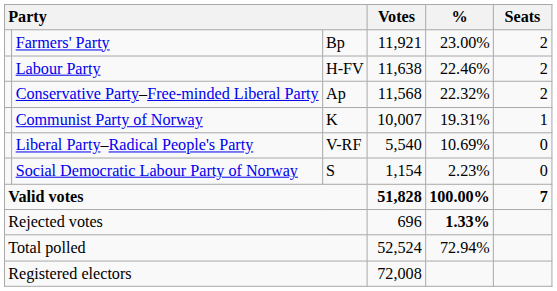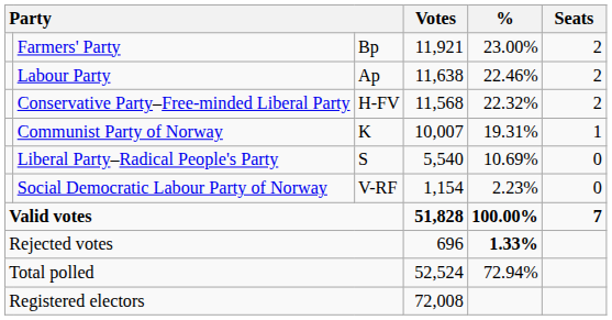 <table class="wikitable" border="1" style="text-align:right;">
 <tr>
 <th style="text-align:left;" colspan=3>Party</th>
 <th align=center width="50">Votes</th>
 <th align=center width="50">%</th>
 <th align=center width="50">Seats</th>
 </tr>
 <tr>
 <td style="color:inherit;background:"></td>
 <td align=left><a href='#'>Farmers' Party</a></td>
 <td align=left>Bp</td>
 <td>11,921</td>
 <td>23.00%</td>
 <td>2</td>
 </tr>
 <tr>
 <td style="color:inherit;background:"></td>
 <td align=left><a href='#'>Labour Party</a></td>
-<td align=left>H-FV</td>
+<td align=left>Ap</td>
 <td>11,638</td>
 <td>22.46%</td>
 <td>2</td>
 </tr>
 <tr>
 <td></td>
 <td align=left><a href='#'>Conservative Party</a>–<a href='#'>Free-minded Liberal Party</a></td>
-<td align=left>Ap</td>
+<td align=left>H-FV</td>
 <td>11,568</td>
 <td>22.32%</td>
 <td>2</td>
 </tr>
 <tr>
 <td style="color:inherit;background:"></td>
 <td align=left><a href='#'>Communist Party of Norway</a></td>
 <td align=left>K</td>
 <td>10,007</td>
 <td>19.31%</td>
 <td>1</td>
 </tr>
 <tr>
 <td></td>
 <td align=left><a href='#'>Liberal Party</a>–<a href='#'>Radical People's Party</a></td>
-<td align=left>V-RF</td>
+<td align=left>S</td>
 <td>5,540</td>
 <td>10.69%</td>
 <td>0</td>
 </tr>
 <tr>
 <td style="color:inherit;background:"></td>
 <td align=left><a href='#'>Social Democratic Labour Party of Norway</a></td>
-<td align=left>S</td>
+<td align=left>V-RF</td>
 <td>1,154</td>
 <td>2.23%</td>
 <td>0</td>
 </tr>
 <tr style="font-weight:bold">
 <td align=left colspan=3>Valid votes</td>
 <td>51,828</td>
 <td>100.00%</td>
 <td>7</td>
 </tr>
 <tr>
 <td align=left colspan=3>Rejected votes</td>
 <td>696</td>
 <td><strong>1.33%</strong></td>
 <td></td>
 </tr>
 <tr>
 <td align=left colspan=3>Total polled</td>
 <td>52,524</td>
 <td>72.94%</td>
 <td></td>
 </tr>
 <tr>
 <td align=left colspan=3>Registered electors</td>
 <td>72,008</td>
 <td></td>
 <td></td>
 </tr>
 </table>
